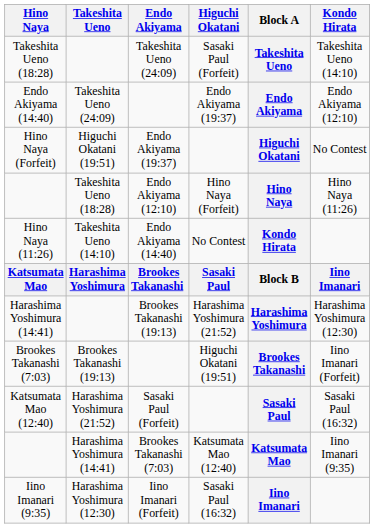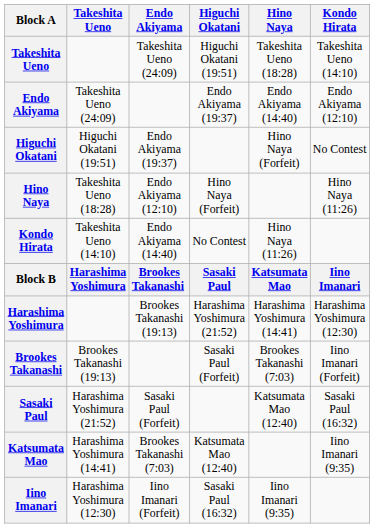 <table class="wikitable" style="margin: 1em auto 1em auto">
 <tr>
-<th><a href='#'>Hino</a><br><a href='#'>Naya</a></th>
+<th>Block A</th>
 <th><a href='#'>Takeshita</a><br><a href='#'>Ueno</a></th>
 <th><a href='#'>Endo</a><br><a href='#'>Akiyama</a></th>
 <th><a href='#'>Higuchi</a><br><a href='#'>Okatani</a></th>
-<th>Block A</th>
+<th><a href='#'>Hino</a><br><a href='#'>Naya</a></th>
 <th><a href='#'>Kondo</a><br><a href='#'>Hirata</a></th>
 </tr>
 <tr align="center">
-<td>Takeshita<br>Ueno<br>(18:28)</td>
+<th><a href='#'>Takeshita</a><br><a href='#'>Ueno</a></th>
 <td></td>
 <td>Takeshita<br>Ueno<br>(24:09)</td>
-<td>Sasaki<br>Paul<br>(Forfeit)</td>
-<th><a href='#'>Takeshita</a><br><a href='#'>Ueno</a></th>
+<td>Higuchi<br>Okatani<br>(19:51)</td>
+<td>Takeshita<br>Ueno<br>(18:28)</td>
 <td>Takeshita<br>Ueno<br>(14:10)</td>
 </tr>
 <tr align="center">
-<td>Endo<br>Akiyama<br>(14:40)</td>
+<th><a href='#'>Endo</a><br><a href='#'>Akiyama</a></th>
 <td>Takeshita<br>Ueno<br>(24:09)</td>
 <td></td>
 <td>Endo<br>Akiyama<br>(19:37)</td>
-<th><a href='#'>Endo</a><br><a href='#'>Akiyama</a></th>
+<td>Endo<br>Akiyama<br>(14:40)</td>
 <td>Endo<br>Akiyama<br>(12:10)</td>
 </tr>
 <tr align="center">
-<td>Hino<br>Naya<br>(Forfeit)</td>
+<th><a href='#'>Higuchi</a><br><a href='#'>Okatani</a></th>
 <td>Higuchi<br>Okatani<br>(19:51)</td>
 <td>Endo<br>Akiyama<br>(19:37)</td>
 <td></td>
-<th><a href='#'>Higuchi</a><br><a href='#'>Okatani</a></th>
+<td>Hino<br>Naya<br>(Forfeit)</td>
 <td>No Contest</td>
 </tr>
 <tr align="center">
-<td></td>
+<th><a href='#'>Hino</a><br><a href='#'>Naya</a></th>
 <td>Takeshita<br>Ueno<br>(18:28)</td>
 <td>Endo<br>Akiyama<br>(12:10)</td>
 <td>Hino<br>Naya<br>(Forfeit)</td>
-<th><a href='#'>Hino</a><br><a href='#'>Naya</a></th>
+<td></td>
 <td>Hino<br>Naya<br>(11:26)</td>
 </tr>
 <tr align="center">
-<td>Hino<br>Naya<br>(11:26)</td>
+<th><a href='#'>Kondo</a><br><a href='#'>Hirata</a></th>
 <td>Takeshita<br>Ueno<br>(14:10)</td>
 <td>Endo<br>Akiyama<br>(14:40)</td>
 <td>No Contest</td>
-<th><a href='#'>Kondo</a><br><a href='#'>Hirata</a></th>
+<td>Hino<br>Naya<br>(11:26)</td>
 <td></td>
 </tr>
 <tr align="center">
-<th><a href='#'>Katsumata</a><br><a href='#'>Mao</a></th>
+<th>Block B</th>
 <th><a href='#'>Harashima</a><br><a href='#'>Yoshimura</a></th>
 <th><a href='#'>Brookes</a><br><a href='#'>Takanashi</a> </th>
 <th><a href='#'>Sasaki</a><br><a href='#'>Paul</a></th>
-<th>Block B</th>
+<th><a href='#'>Katsumata</a><br><a href='#'>Mao</a></th>
 <th><a href='#'>Iino</a><br><a href='#'>Imanari</a></th>
 </tr>
 <tr align="center">
-<td>Harashima<br>Yoshimura<br>(14:41)</td>
+<th><a href='#'>Harashima</a><br><a href='#'>Yoshimura</a></th>
 <td></td>
 <td>Brookes<br>Takanashi<br>(19:13)</td>
 <td>Harashima<br>Yoshimura<br>(21:52)</td>
-<th><a href='#'>Harashima</a><br><a href='#'>Yoshimura</a></th>
+<td>Harashima<br>Yoshimura<br>(14:41)</td>
 <td>Harashima<br>Yoshimura<br>(12:30)</td>
 </tr>
 <tr align="center">
-<td>Brookes<br>Takanashi<br>(7:03)</td>
+<th><a href='#'>Brookes</a><br><a href='#'>Takanashi</a></th>
 <td>Brookes<br>Takanashi<br>(19:13)</td>
 <td></td>
-<td>Higuchi<br>Okatani<br>(19:51)</td>
-<th><a href='#'>Brookes</a><br><a href='#'>Takanashi</a></th>
+<td>Sasaki<br>Paul<br>(Forfeit)</td>
+<td>Brookes<br>Takanashi<br>(7:03)</td>
 <td>Iino<br>Imanari<br>(Forfeit)</td>
 </tr>
 <tr align="center">
-<td>Katsumata<br>Mao<br>(12:40)</td>
+<th><a href='#'>Sasaki</a><br><a href='#'>Paul</a></th>
 <td>Harashima<br>Yoshimura<br>(21:52)</td>
 <td>Sasaki<br>Paul<br>(Forfeit)</td>
 <td></td>
-<th><a href='#'>Sasaki</a><br><a href='#'>Paul</a></th>
+<td>Katsumata<br>Mao<br>(12:40)</td>
 <td>Sasaki<br>Paul<br>(16:32)</td>
 </tr>
 <tr align="center">
-<td></td>
+<th><a href='#'>Katsumata</a><br><a href='#'>Mao</a></th>
 <td>Harashima<br>Yoshimura<br>(14:41)</td>
 <td>Brookes<br>Takanashi<br>(7:03)</td>
 <td>Katsumata<br>Mao<br>(12:40)</td>
-<th><a href='#'>Katsumata</a><br><a href='#'>Mao</a></th>
+<td></td>
 <td>Iino<br>Imanari<br>(9:35)</td>
 </tr>
 <tr align="center">
-<td>Iino<br>Imanari<br>(9:35)</td>
+<th><a href='#'>Iino</a><br><a href='#'>Imanari</a></th>
 <td>Harashima<br>Yoshimura<br>(12:30)</td>
 <td>Iino<br>Imanari<br>(Forfeit)</td>
 <td>Sasaki<br>Paul<br>(16:32)</td>
-<th><a href='#'>Iino</a><br><a href='#'>Imanari</a></th>
+<td>Iino<br>Imanari<br>(9:35)</td>
 <td></td>
 </tr>
 </table>
